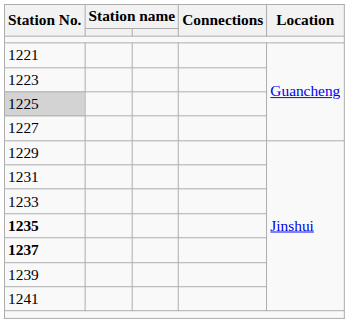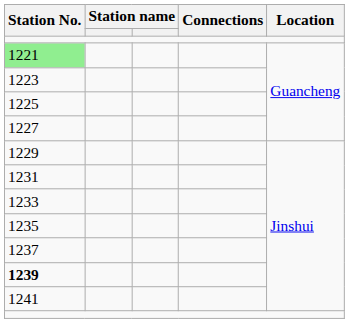 <table class="wikitable">
 <tr>
 <th rowspan="2">Station No.</th>
 <th colspan="2">Station name</th>
 <th rowspan="2">Connections<br></th>
 <th rowspan="2">Location</th>
 </tr>
 <tr>
 <th></th>
 <th></th>
 </tr>
 <tr style="background:#">
 <td colspan = "7"></td>
 </tr>
 <tr>
-<td>1221</td>
+<td style="background: lightgreen;">1221</td>
 <td></td>
 <td></td>
 <td></td>
 <td rowspan="4"><a href='#'>Guancheng</a></td>
 </tr>
 <tr>
 <td>1223</td>
 <td></td>
 <td></td>
 <td></td>
 </tr>
 <tr>
-<td style="background: lightgrey;">1225</td>
+<td>1225</td>
 <td></td>
 <td></td>
 <td></td>
 </tr>
 <tr>
 <td>1227</td>
 <td></td>
 <td></td>
 <td></td>
 </tr>
 <tr>
 <td>1229</td>
 <td></td>
 <td></td>
 <td></td>
 <td rowspan="7"><a href='#'>Jinshui</a></td>
 </tr>
 <tr>
 <td>1231</td>
 <td></td>
 <td></td>
 <td></td>
 </tr>
 <tr>
 <td>1233</td>
 <td></td>
 <td></td>
 <td></td>
 </tr>
 <tr>
-<td><strong>1235</strong></td>
+<td>1235</td>
 <td></td>
 <td></td>
 <td></td>
 </tr>
 <tr>
-<td><strong>1237</strong></td>
+<td>1237</td>
 <td></td>
 <td></td>
 <td></td>
 </tr>
 <tr>
-<td>1239</td>
+<td><strong>1239</strong></td>
 <td></td>
 <td></td>
 <td></td>
 </tr>
 <tr>
 <td>1241</td>
 <td></td>
 <td></td>
 <td></td>
 </tr>
 <tr style="background:#">
 <td colspan = "7"></td>
 </tr>
 </table>
